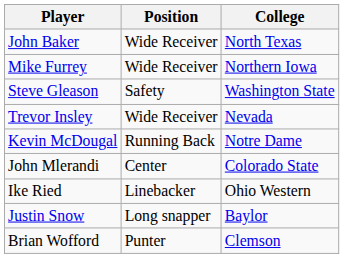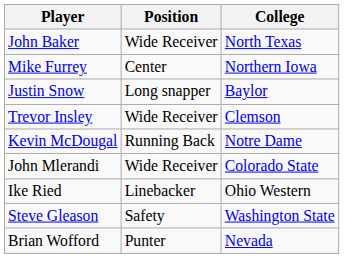 <table class="wikitable">
 <tr>
 <th>Player</th>
 <th>Position</th>
 <th>College</th>
 </tr>
 <tr>
 <td><a href='#'>John Baker</a></td>
 <td>Wide Receiver</td>
 <td><a href='#'>North Texas</a></td>
 </tr>
 <tr>
 <td><a href='#'>Mike Furrey</a></td>
-<td>Wide Receiver</td>
+<td>Center</td>
 <td><a href='#'>Northern Iowa</a></td>
 </tr>
 <tr>
-<td><a href='#'>Steve Gleason</a></td>
-<td>Safety</td>
-<td><a href='#'>Washington State</a></td>
+<td><a href='#'>Justin Snow</a></td>
+<td>Long snapper</td>
+<td><a href='#'>Baylor</a></td>
 </tr>
 <tr>
 <td><a href='#'>Trevor Insley</a></td>
 <td>Wide Receiver</td>
-<td><a href='#'>Nevada</a></td>
+<td><a href='#'>Clemson</a></td>
 </tr>
 <tr>
 <td><a href='#'>Kevin McDougal</a></td>
 <td>Running Back</td>
 <td><a href='#'>Notre Dame</a></td>
 </tr>
 <tr>
 <td>John Mlerandi</td>
-<td>Center</td>
+<td>Wide Receiver</td>
 <td><a href='#'>Colorado State</a></td>
 </tr>
 <tr>
 <td>Ike Ried</td>
 <td>Linebacker</td>
 <td>Ohio Western</td>
 </tr>
 <tr>
-<td><a href='#'>Justin Snow</a></td>
-<td>Long snapper</td>
-<td><a href='#'>Baylor</a></td>
+<td><a href='#'>Steve Gleason</a></td>
+<td>Safety</td>
+<td><a href='#'>Washington State</a></td>
 </tr>
 <tr>
 <td>Brian Wofford</td>
 <td>Punter</td>
-<td><a href='#'>Clemson</a></td>
+<td><a href='#'>Nevada</a></td>
 </tr>
 </table>
